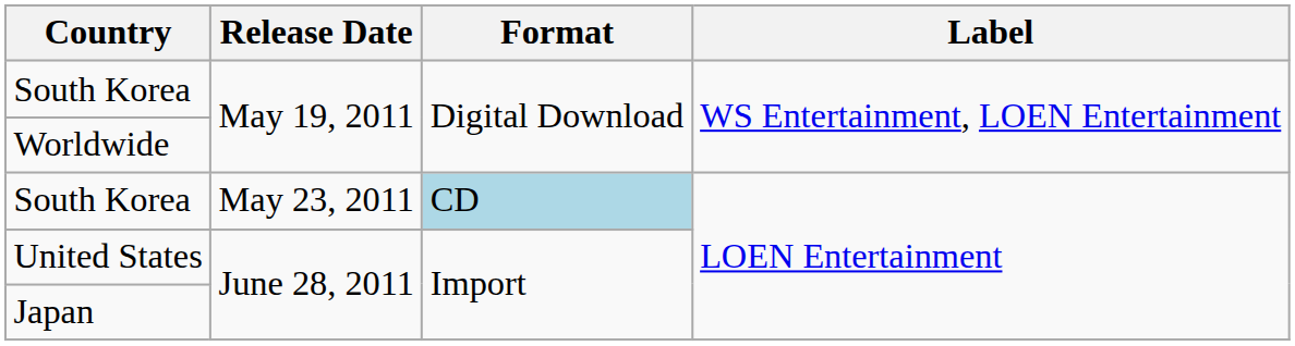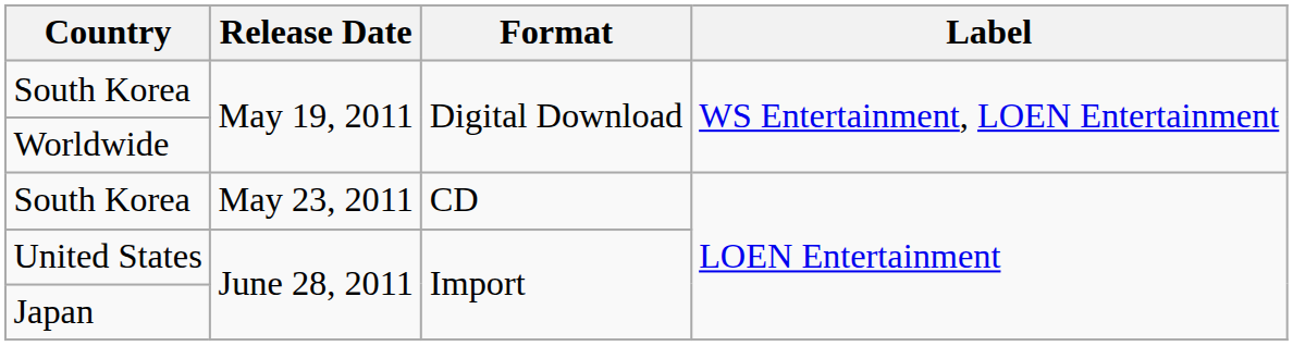 <table class="wikitable">
 <tr>
 <th>Country</th>
 <th>Release Date</th>
 <th>Format</th>
 <th>Label</th>
 </tr>
 <tr>
 <td>South Korea</td>
 <td rowspan="2">May 19, 2011</td>
 <td rowspan="2">Digital Download</td>
 <td rowspan="2"><a href='#'>WS Entertainment</a>, <a href='#'>LOEN Entertainment</a></td>
 </tr>
 <tr>
 <td>Worldwide</td>
 </tr>
 <tr>
 <td>South Korea</td>
 <td rowspan="1">May 23, 2011</td>
-<td style="background: lightblue;">CD</td>
+<td>CD</td>
 <td rowspan="3"><a href='#'>LOEN Entertainment</a></td>
 </tr>
 <tr>
 <td>United States</td>
 <td rowspan="2">June 28, 2011</td>
 <td rowspan="2">Import</td>
 </tr>
 <tr>
 <td>Japan</td>
 </tr>
 </table>
